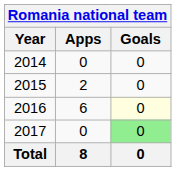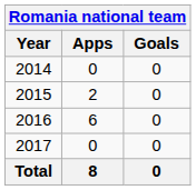 <table class="wikitable" style="text-align:center">
 <tr>
 <th colspan=3><a href='#'>Romania national team</a></th>
 </tr>
 <tr>
 <th>Year</th>
 <th>Apps</th>
 <th>Goals</th>
 </tr>
 <tr>
 <td>2014</td>
 <td>0</td>
 <td>0</td>
 </tr>
 <tr>
 <td>2015</td>
 <td>2</td>
 <td>0</td>
 </tr>
 <tr>
 <td>2016</td>
 <td>6</td>
-<td style="background: lightyellow;">0</td>
+<td>0</td>
 </tr>
 <tr>
 <td>2017</td>
 <td>0</td>
-<td style="background: lightgreen;">0</td>
+<td>0</td>
 </tr>
 <tr>
 <th>Total</th>
 <th>8</th>
 <th>0</th>
 </tr>
 </table>
